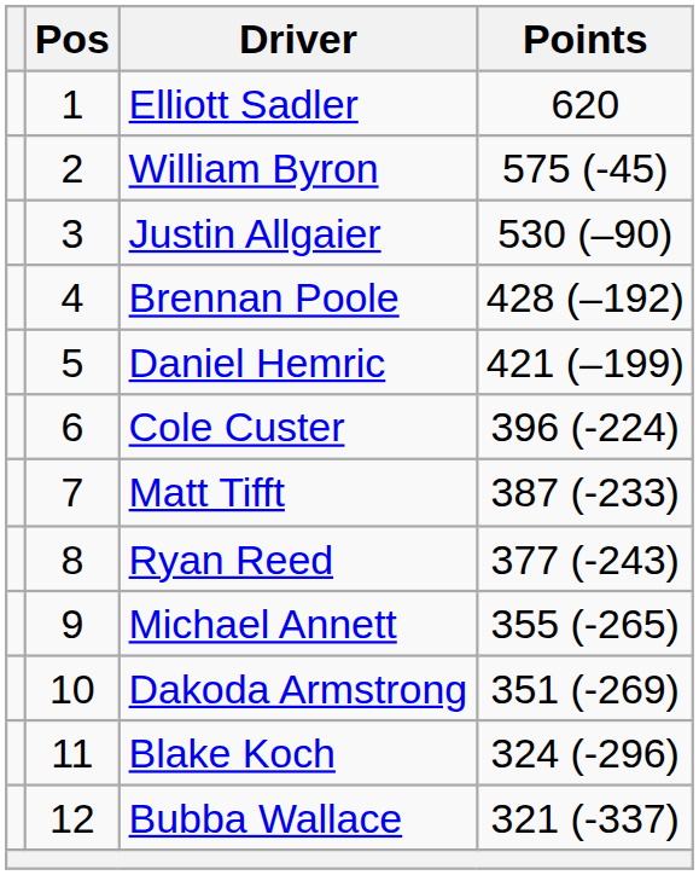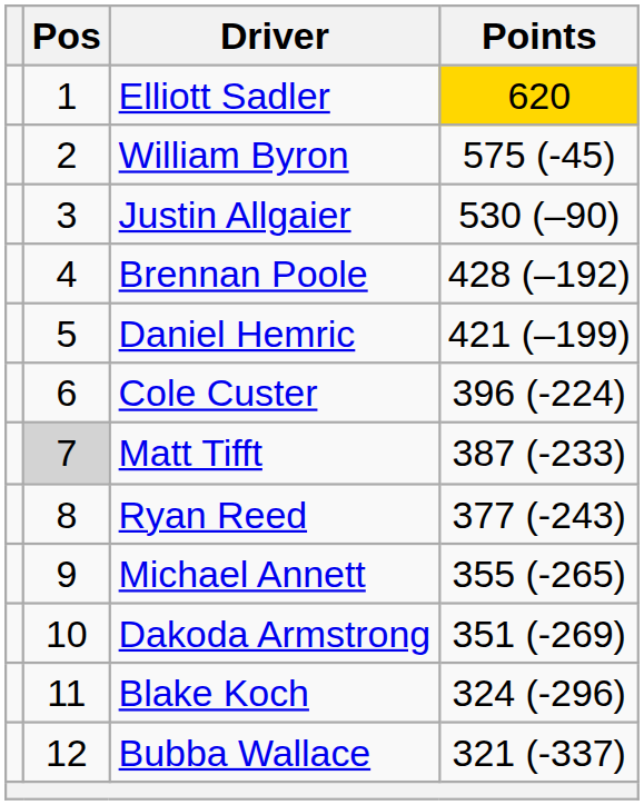 <table class="wikitable" style="font-size: 95%;">
 <tr>
 <th></th>
 <th>Pos</th>
 <th>Driver</th>
 <th>Points</th>
 </tr>
 <tr>
 <td align="left"></td>
 <td style="text-align:center;">1</td>
 <td><a href='#'>Elliott Sadler</a></td>
-<td style="text-align:center;">620</td>
+<td style="background: gold; text-align:center;">620</td>
 </tr>
 <tr>
 <td align="left"></td>
 <td style="text-align:center;">2</td>
 <td><a href='#'>William Byron</a></td>
 <td style="text-align:center;">575 (-45)</td>
 </tr>
 <tr>
 <td align="left"></td>
 <td style="text-align:center;">3</td>
 <td><a href='#'>Justin Allgaier</a></td>
 <td style="text-align:center;">530 (–90)</td>
 </tr>
 <tr>
 <td align="left"></td>
 <td style="text-align:center;">4</td>
 <td><a href='#'>Brennan Poole</a></td>
 <td style="text-align:center;">428 (–192)</td>
 </tr>
 <tr>
 <td align="left"></td>
 <td style="text-align:center;">5</td>
 <td><a href='#'>Daniel Hemric</a></td>
 <td style="text-align:center;">421 (–199)</td>
 </tr>
 <tr>
 <td align="left"></td>
 <td style="text-align:center;">6</td>
 <td><a href='#'>Cole Custer</a></td>
 <td style="text-align:center;">396 (-224)</td>
 </tr>
 <tr>
 <td align="left"></td>
-<td style="text-align:center;">7</td>
+<td style="background: lightgrey; text-align:center;">7</td>
 <td><a href='#'>Matt Tifft</a></td>
 <td style="text-align:center;">387 (-233)</td>
 </tr>
 <tr>
 <td align="left"></td>
 <td style="text-align:center;">8</td>
 <td><a href='#'>Ryan Reed</a></td>
 <td style="text-align:center;">377 (-243)</td>
 </tr>
 <tr>
 <td align="left"></td>
 <td style="text-align:center;">9</td>
 <td><a href='#'>Michael Annett</a></td>
 <td style="text-align:center;">355 (-265)</td>
 </tr>
 <tr>
 <td align="left"></td>
 <td style="text-align:center;">10</td>
 <td><a href='#'>Dakoda Armstrong</a></td>
 <td style="text-align:center;">351 (-269)</td>
 </tr>
 <tr>
 <td align="left"></td>
 <td style="text-align:center;">11</td>
 <td><a href='#'>Blake Koch</a></td>
 <td style="text-align:center;">324 (-296)</td>
 </tr>
 <tr>
 <td align="left"></td>
 <td style="text-align:center;">12</td>
 <td><a href='#'>Bubba Wallace</a></td>
 <td style="text-align:center;">321 (-337)</td>
 </tr>
 <tr class="sortbottom">
 <th colspan="9"></th>
 </tr>
 </table>
